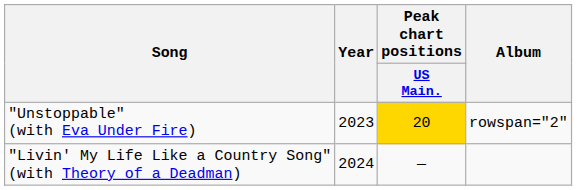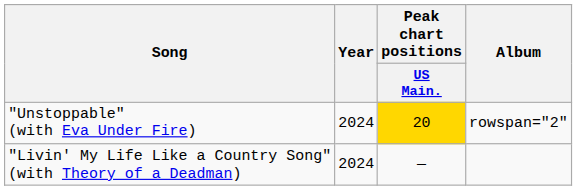 <table class="wikitable">
 <tr>
 <th rowspan="2">Song</th>
 <th rowspan="2">Year</th>
 <th colspan="1">Peak chart positions</th>
 <th rowspan="2">Album</th>
 </tr>
 <tr>
 <th style="width:3em;font-size:90%"><a href='#'>US<br>Main.</a><br></th>
 </tr>
 <tr>
 <td>"Unstoppable"<br><span>(with <a href='#'>Eva Under Fire</a>)</span></td>
-<td style="text-align:center;">2023</td>
+<td style="text-align:center;">2024</td>
 <td style="background: gold; text-align:center;">20</td>
 <td>rowspan="2" </td>
 </tr>
 <tr>
 <td>"Livin' My Life Like a Country Song"<br><span>(with <a href='#'>Theory of a Deadman</a>)</span></td>
 <td style="text-align:center;">2024</td>
 <td style="text-align:center;">—</td>
 </tr>
 </table>
